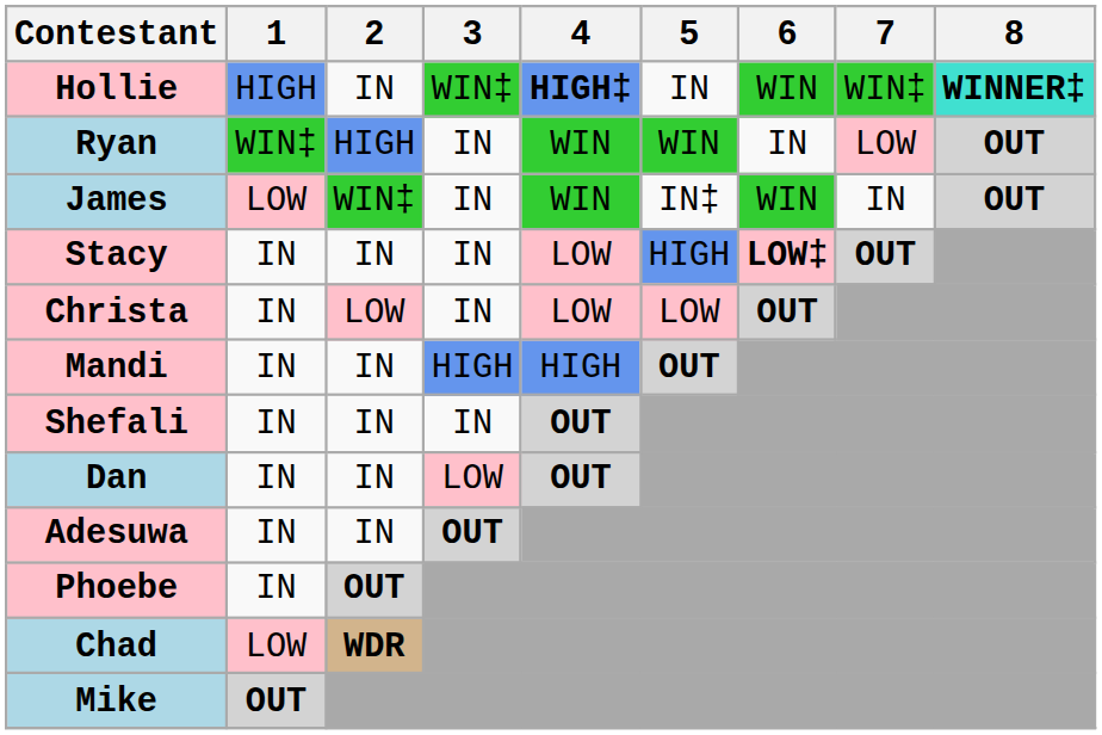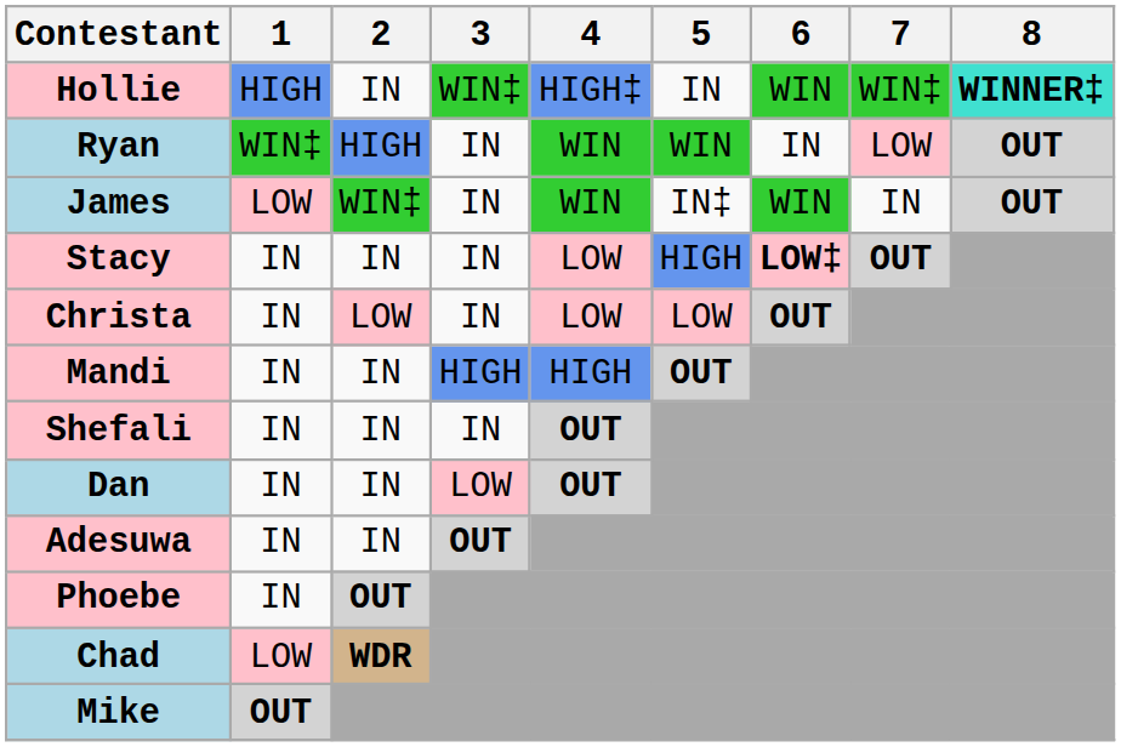 <table class="wikitable" align style="text-align:center">
 <tr>
 <th>Contestant</th>
 <th>1</th>
 <th>2</th>
 <th>3</th>
 <th>4</th>
 <th>5</th>
 <th>6</th>
 <th>7</th>
 <th colspan=2>8</th>
 </tr>
 <tr>
 <th style="background:pink"><strong>Hollie</strong></th>
 <td style="background:cornflowerblue">HIGH</td>
 <td>IN</td>
 <td style="background:limegreen">WIN‡</td>
-<td style="background:cornflowerblue"><strong>HIGH‡</strong></td>
+<td style="background:cornflowerblue">HIGH‡</td>
 <td>IN</td>
 <td style="background:limegreen">WIN</td>
 <td style="background:limegreen">WIN‡</td>
 <td style="background:turquoise"><strong>WINNER‡</strong></td>
 </tr>
 <tr>
 <th style="background:lightblue"><strong>Ryan</strong></th>
 <td style="background:limegreen">WIN‡</td>
 <td style="background:cornflowerblue">HIGH</td>
 <td>IN</td>
 <td style="background:limegreen">WIN</td>
 <td style="background:limegreen">WIN</td>
 <td>IN</td>
 <td style="background:pink">LOW</td>
 <td style="background:lightgray;"><strong>OUT</strong></td>
 </tr>
 <tr>
 <th style="background:lightblue"><strong>James</strong></th>
 <td style="background:pink">LOW</td>
 <td style="background:limegreen">WIN‡</td>
 <td>IN</td>
 <td style="background:limegreen">WIN</td>
 <td>IN‡</td>
 <td style="background:limegreen">WIN</td>
 <td>IN</td>
 <td style="background:lightgray;"><strong>OUT</strong></td>
 </tr>
 <tr>
 <th style="background:pink"><strong>Stacy</strong></th>
 <td>IN</td>
 <td>IN</td>
 <td>IN</td>
 <td style="background:pink">LOW</td>
 <td style="background:cornflowerblue">HIGH</td>
 <td style="background:pink"><strong>LOW‡</strong></td>
 <td style="background:lightgray;"><strong>OUT</strong></td>
 <td colspan="10" style="background:darkgrey;"></td>
 </tr>
 <tr>
 <th style="background:pink"><strong>Christa</strong></th>
 <td>IN</td>
 <td style="background:pink">LOW</td>
 <td>IN</td>
 <td style="background:pink">LOW</td>
 <td style="background:pink">LOW</td>
 <td style="background:lightgray;"><strong>OUT</strong></td>
 <td colspan="10" style="background:darkgrey;"></td>
 </tr>
 <tr>
 <th style="background:pink"><strong>Mandi</strong></th>
 <td>IN</td>
 <td>IN</td>
 <td style="background:cornflowerblue">HIGH</td>
 <td style="background:cornflowerblue">HIGH</td>
 <td style="background:lightgray;"><strong>OUT</strong></td>
 <td colspan="10" style="background:darkgrey;"></td>
 </tr>
 <tr>
 <th style="background:pink"><strong>Shefali</strong></th>
 <td>IN</td>
 <td>IN</td>
 <td>IN</td>
 <td style="background:lightgray;"><strong>OUT</strong></td>
 <td colspan="10" style="background:darkgrey;"></td>
 </tr>
 <tr>
 <th style="background:lightblue"><strong>Dan</strong></th>
 <td>IN</td>
 <td>IN</td>
 <td style="background:pink">LOW</td>
 <td style="background:lightgray;"><strong>OUT</strong></td>
 <td colspan="10" style="background:darkgrey;"></td>
 </tr>
 <tr>
 <th style="background:pink"><strong>Adesuwa</strong></th>
 <td>IN</td>
 <td>IN</td>
 <td style="background:lightgray;"><strong>OUT</strong></td>
 <td colspan="10" style="background:darkgrey;"></td>
 </tr>
 <tr>
 <th style="background:pink"><strong>Phoebe</strong></th>
 <td>IN</td>
 <td style="background:lightgray;"><strong>OUT</strong></td>
 <td colspan="10" style="background:darkgrey;"></td>
 </tr>
 <tr>
 <th style="background:lightblue"><strong>Chad</strong></th>
 <td style="background:pink">LOW</td>
 <td style="background:tan;"><strong>WDR</strong></td>
 <td colspan="10" style="background:darkgrey;"></td>
 </tr>
 <tr>
 <th style="background:lightblue"><strong>Mike</strong></th>
 <td style="background:lightgray;"><strong>OUT</strong></td>
 <td colspan="10" style="background:darkgrey;"></td>
 </tr>
 <tr>
 </tr>
 </table>
